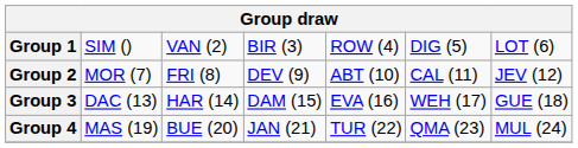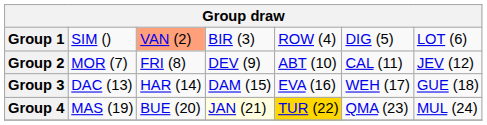 <table class="wikitable" style="text-align:center; font-size:85%">
 <tr>
 <th colspan="7">Group draw</th>
 </tr>
 <tr>
 <th>Group 1</th>
 <td align="left"> <a href='#'>SIM</a> ()</td>
-<td align="left"> <a href='#'>VAN</a> (2)</td>
+<td align="left" style="background: lightsalmon;"> <a href='#'>VAN</a> (2)</td>
 <td align="left"> <a href='#'>BIR</a> (3)</td>
 <td align="left"> <a href='#'>ROW</a> (4)</td>
 <td align="left"> <a href='#'>DIG</a> (5)</td>
 <td align="left"> <a href='#'>LOT</a> (6)</td>
 </tr>
 <tr>
 <th>Group 2</th>
 <td align="left"> <a href='#'>MOR</a> (7)</td>
 <td align="left"> <a href='#'>FRI</a> (8)</td>
 <td align="left"> <a href='#'>DEV</a> (9)</td>
 <td align="left"> <a href='#'>ABT</a> (10)</td>
 <td align="left"> <a href='#'>CAL</a> (11)</td>
 <td align="left"> <a href='#'>JEV</a> (12)</td>
 </tr>
 <tr>
 <th>Group 3</th>
 <td align="left"> <a href='#'>DAC</a> (13)</td>
 <td align="left"> <a href='#'>HAR</a> (14)</td>
 <td align="left"> <a href='#'>DAM</a> (15)</td>
 <td align="left"> <a href='#'>EVA</a> (16)</td>
 <td align="left"> <a href='#'>WEH</a> (17)</td>
 <td align="left"> <a href='#'>GUE</a> (18)</td>
 </tr>
 <tr>
 <th>Group 4</th>
 <td align="left"> <a href='#'>MAS</a> (19)</td>
 <td align="left"> <a href='#'>BUE</a> (20)</td>
-<td align="left"> <a href='#'>JAN</a> (21)</td>
-<td align="left"> <a href='#'>TUR</a> (22)</td>
+<td align="left" style="background: lightyellow;"> <a href='#'>JAN</a> (21)</td>
+<td align="left" style="background: gold;"> <a href='#'>TUR</a> (22)</td>
 <td align="left"> <a href='#'>QMA</a> (23)</td>
 <td align="left"> <a href='#'>MUL</a> (24)</td>
 </tr>
 <tr>
 </tr>
 </table>
